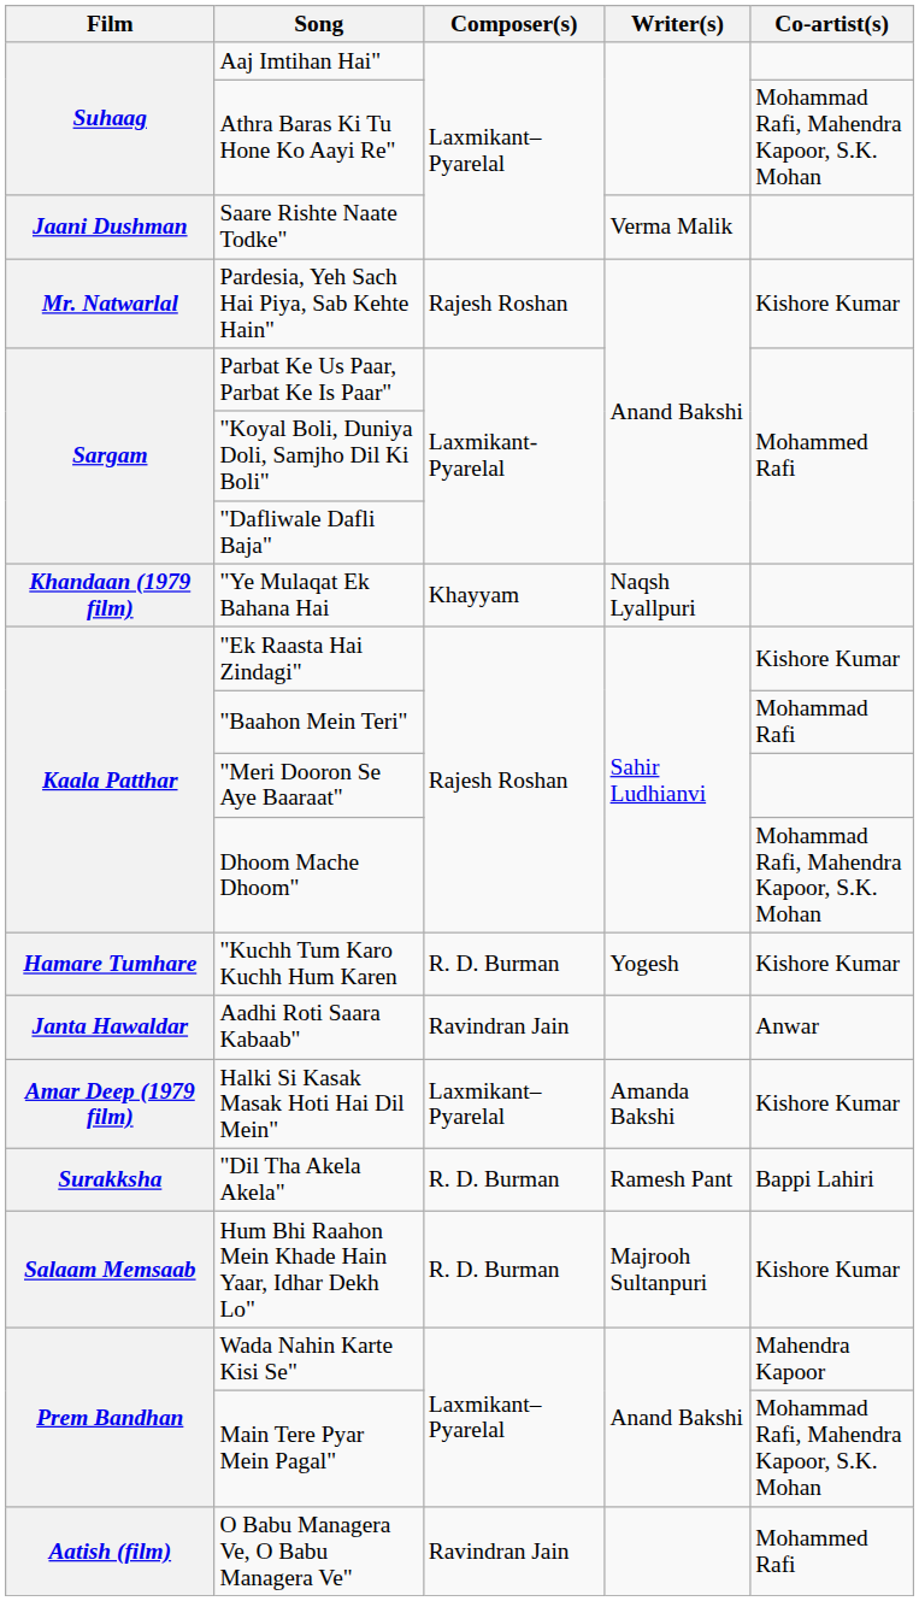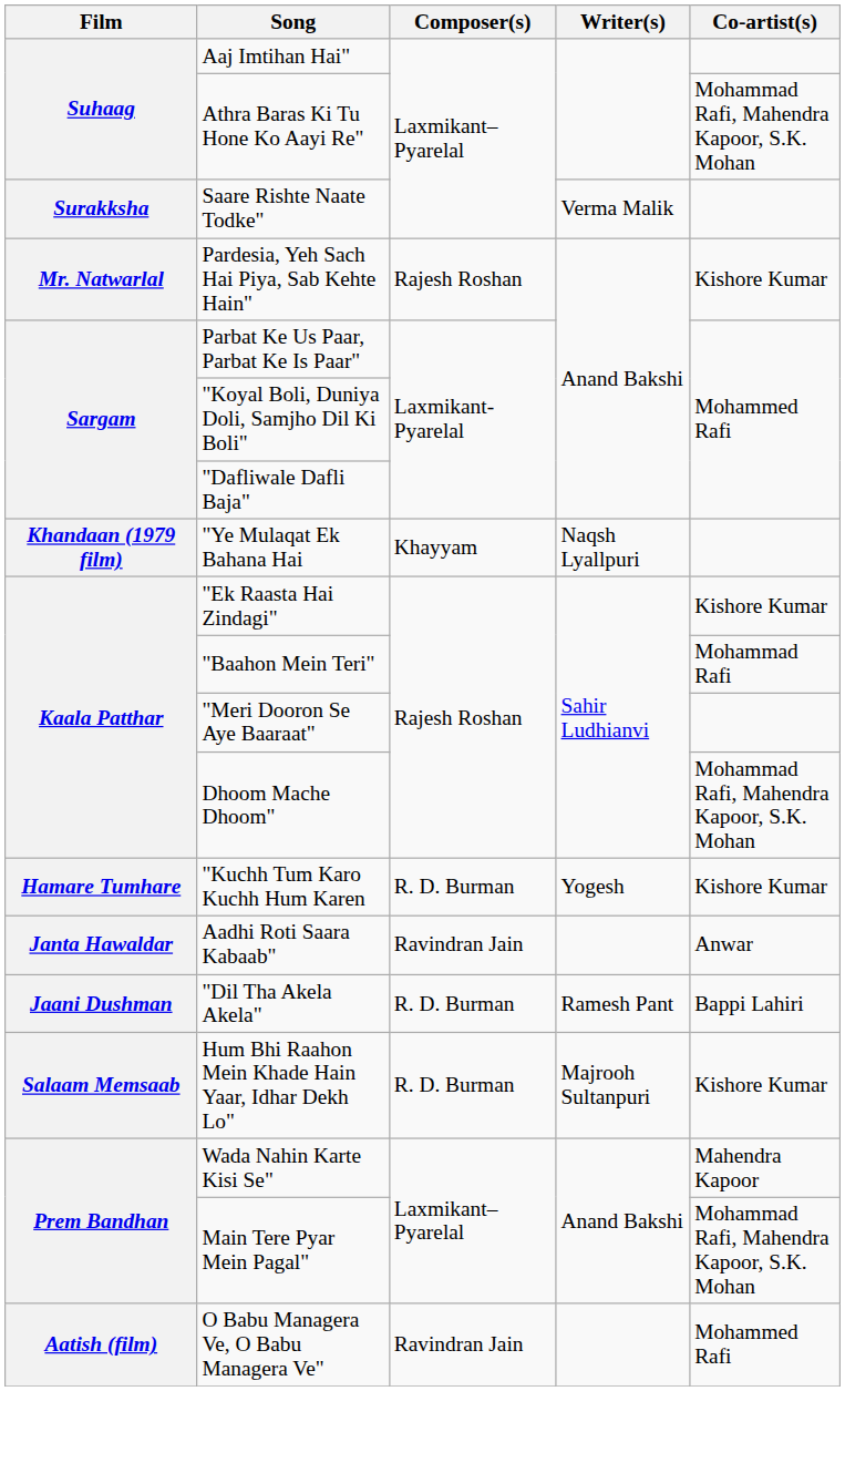 <table class="wikitable plainrowheaders" style="width:100%; textcolor:#000">
 <tr style="background:#b0e0e66;">
 <th scope="col" style="width:23%;"><strong>Film</strong></th>
 <th scope="col" style="width:23%;"><strong>Song</strong></th>
 <th scope="col" style="width:20%;"><strong>Composer(s)</strong></th>
 <th scope="col" style="width:16%;"><strong>Writer(s)</strong></th>
 <th scope="col" style="width:18%;"><strong>Co-artist(s)</strong></th>
 </tr>
 <tr>
 <th Rowspan=2><em><a href='#'>Suhaag</a></em></th>
 <td>Aaj Imtihan Hai"</td>
 <td rowspan=3>Laxmikant–Pyarelal</td>
 <td rowspan=2></td>
 <td></td>
 </tr>
 <tr>
 <td>Athra Baras Ki Tu Hone Ko Aayi Re"</td>
 <td>Mohammad Rafi, Mahendra Kapoor, S.K. Mohan</td>
 </tr>
 <tr>
-<th><em><a href='#'>Jaani Dushman</a></em></th>
+<th><em><a href='#'>Surakksha</a></em></th>
 <td>Saare Rishte Naate Todke"</td>
 <td>Verma Malik</td>
 <td></td>
 </tr>
 <tr>
 <th><em><a href='#'>Mr. Natwarlal</a></em></th>
 <td>Pardesia, Yeh Sach Hai Piya, Sab Kehte Hain"</td>
 <td>Rajesh Roshan</td>
 <td rowspan=4>Anand Bakshi</td>
 <td>Kishore Kumar</td>
 </tr>
 <tr>
 <th Rowspan=3><em><a href='#'>Sargam</a></em></th>
 <td>Parbat Ke Us Paar, Parbat Ke Is Paar"</td>
 <td rowspan=3>Laxmikant-Pyarelal</td>
 <td rowspan=3>Mohammed Rafi</td>
 </tr>
 <tr>
 <td>"Koyal Boli, Duniya Doli, Samjho Dil Ki Boli"</td>
 </tr>
 <tr>
 <td>"Dafliwale Dafli Baja"</td>
 </tr>
 <tr>
 <th><em><a href='#'>Khandaan (1979 film)</a></em></th>
 <td>"Ye Mulaqat Ek Bahana Hai</td>
 <td>Khayyam</td>
 <td>Naqsh Lyallpuri</td>
 <td></td>
 </tr>
 <tr>
 <th Rowspan=4><em><a href='#'>Kaala Patthar</a></em></th>
 <td>"Ek Raasta Hai Zindagi"</td>
 <td rowspan=4>Rajesh Roshan</td>
 <td rowspan=4><a href='#'>Sahir Ludhianvi</a></td>
 <td>Kishore Kumar</td>
 </tr>
 <tr>
 <td>"Baahon Mein Teri"</td>
 <td>Mohammad Rafi</td>
 </tr>
 <tr>
 <td>"Meri Dooron Se Aye Baaraat"</td>
 <td></td>
 </tr>
 <tr>
 <td>Dhoom Mache Dhoom"</td>
 <td>Mohammad Rafi, Mahendra Kapoor, S.K. Mohan</td>
 </tr>
 <tr>
 <th><em><a href='#'>Hamare Tumhare</a></em></th>
 <td>"Kuchh Tum Karo Kuchh Hum Karen</td>
 <td>R. D. Burman</td>
 <td>Yogesh</td>
 <td>Kishore Kumar</td>
 </tr>
 <tr>
 <th><em><a href='#'>Janta Hawaldar</a></em></th>
 <td>Aadhi Roti Saara Kabaab"</td>
 <td>Ravindran Jain</td>
 <td></td>
 <td>Anwar</td>
 </tr>
 <tr>
-<th><em><a href='#'>Amar Deep (1979 film)</a></em></th>
-<td>Halki Si Kasak Masak Hoti Hai Dil Mein"</td>
-<td>Laxmikant–Pyarelal</td>
-<td>Amanda Bakshi</td>
-<td>Kishore Kumar</td>
-</tr>
-<tr>
-<th><em><a href='#'>Surakksha</a></em></th>
+<th><em><a href='#'>Jaani Dushman</a></em></th>
 <td>"Dil Tha Akela Akela"</td>
 <td>R. D. Burman</td>
 <td>Ramesh Pant</td>
 <td>Bappi Lahiri</td>
 </tr>
 <tr>
 <th><em><a href='#'>Salaam Memsaab</a></em></th>
 <td>Hum Bhi Raahon Mein Khade Hain Yaar, Idhar Dekh Lo"</td>
 <td>R. D. Burman</td>
 <td>Majrooh Sultanpuri</td>
 <td>Kishore Kumar</td>
 </tr>
 <tr>
 <th Rowspan=2><em><a href='#'>Prem Bandhan</a></em></th>
 <td>Wada Nahin Karte Kisi Se"</td>
 <td rowspan=2>Laxmikant–Pyarelal</td>
 <td rowspan=2>Anand Bakshi</td>
 <td>Mahendra Kapoor</td>
 </tr>
 <tr>
 <td>Main Tere Pyar Mein Pagal"</td>
 <td>Mohammad Rafi, Mahendra Kapoor, S.K. Mohan</td>
 </tr>
 <tr>
 <th><em><a href='#'>Aatish (film)</a></em></th>
 <td>O Babu Managera Ve, O Babu Managera Ve"</td>
 <td>Ravindran Jain</td>
 <td></td>
 <td>Mohammed Rafi</td>
 </tr>
 </table>
